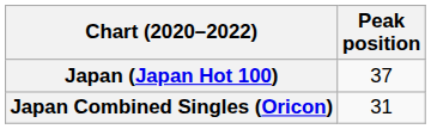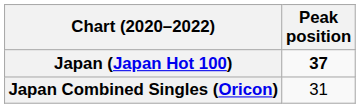 <table class="wikitable sortable plainrowheaders" style="text-align:center;">
 <tr>
 <th scope="col">Chart (2020–2022)</th>
 <th scope="col">Peak<br>position</th>
 </tr>
 <tr>
 <th scope="row">Japan (<a href='#'>Japan Hot 100</a>)</th>
-<td>37</td>
+<td><strong>37</strong></td>
 </tr>
 <tr>
 <th scope="row">Japan Combined Singles (<a href='#'>Oricon</a>)</th>
 <td>31</td>
 </tr>
 </table>
